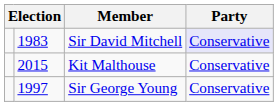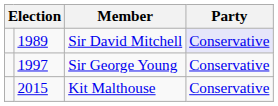 <table class="wikitable">
 <tr>
 <th colspan="2">Election</th>
 <th>Member</th>
 <th>Party</th>
 </tr>
 <tr>
 <td style="color:inherit;background-color: "></td>
-<td><a href='#'>1983</a></td>
+<td><a href='#'>1989</a></td>
 <td><a href='#'>Sir David Mitchell</a></td>
 <td style="background: lavender;"><a href='#'>Conservative</a></td>
+</tr>
+<tr>
+<td style="color:inherit;background-color: "></td>
+<td><a href='#'>1997</a></td>
+<td><a href='#'>Sir George Young</a></td>
+<td><a href='#'>Conservative</a></td>
 </tr>
 <tr>
 <td style="color:inherit;background-color: "></td>
 <td><a href='#'>2015</a></td>
 <td><a href='#'>Kit Malthouse</a></td>
 <td><a href='#'>Conservative</a></td>
 </tr>
-<tr>
-<td style="color:inherit;background-color: "></td>
-<td><a href='#'>1997</a></td>
-<td><a href='#'>Sir George Young</a></td>
-<td><a href='#'>Conservative</a></td>
-</tr>
 </table>
